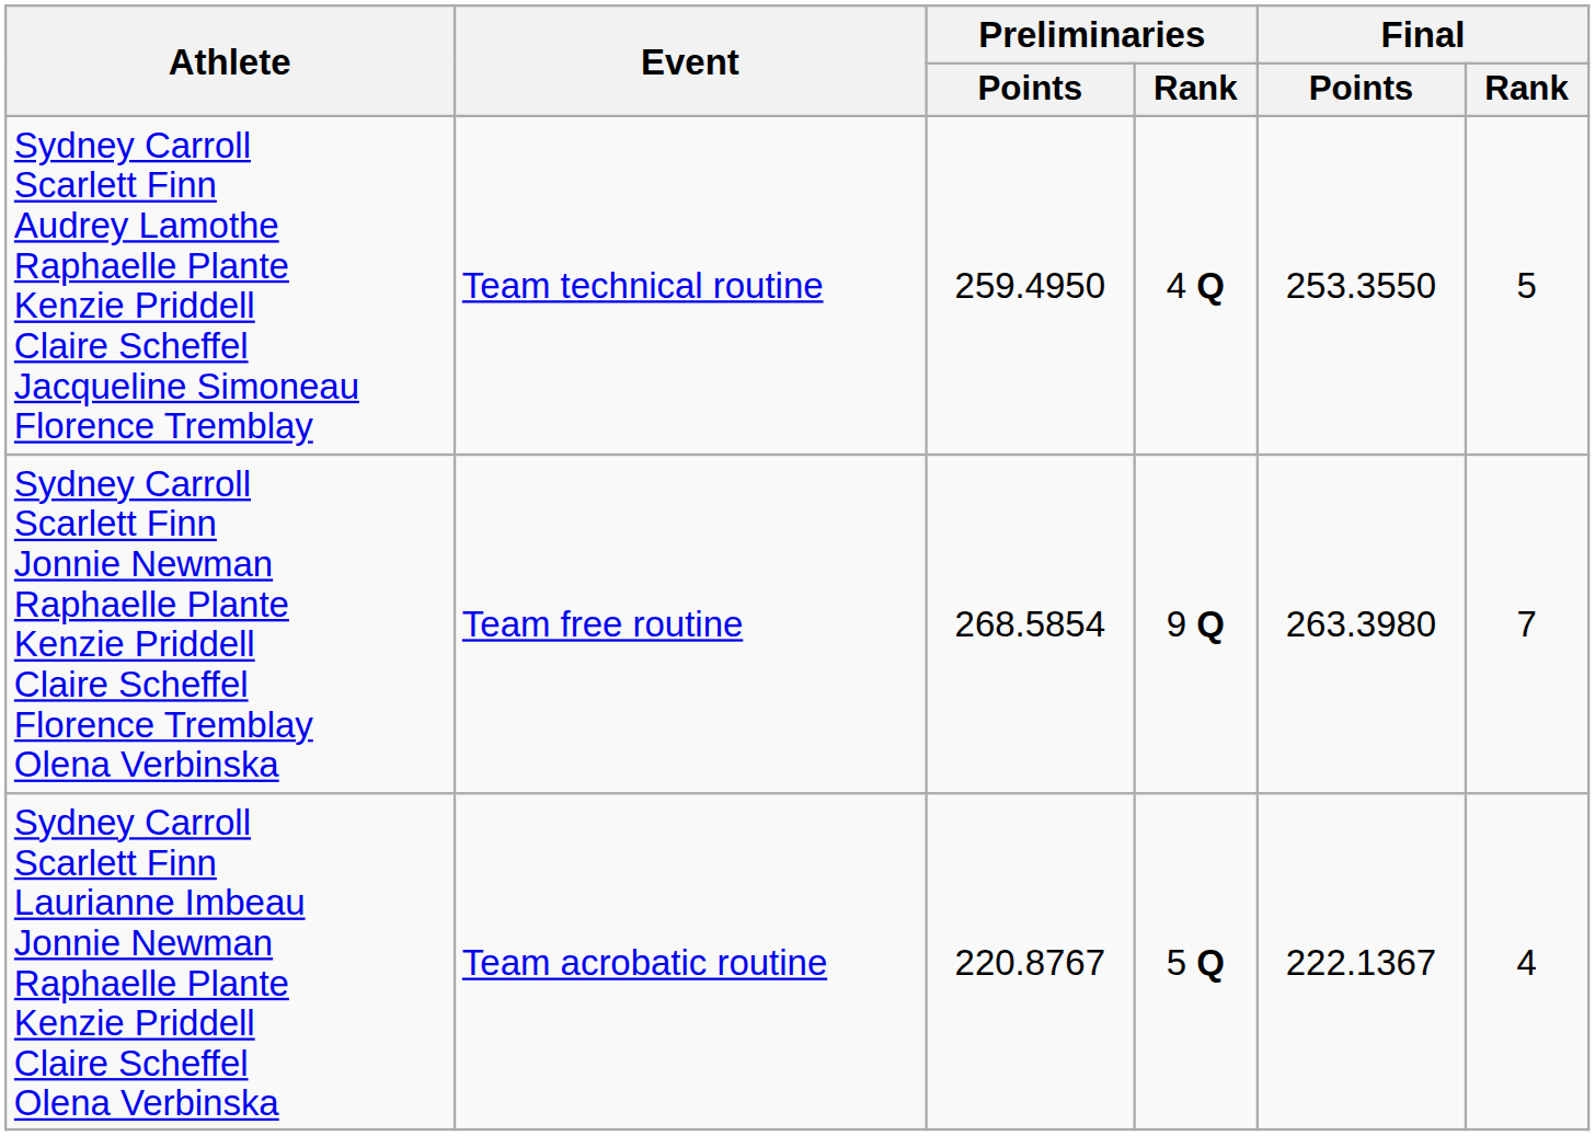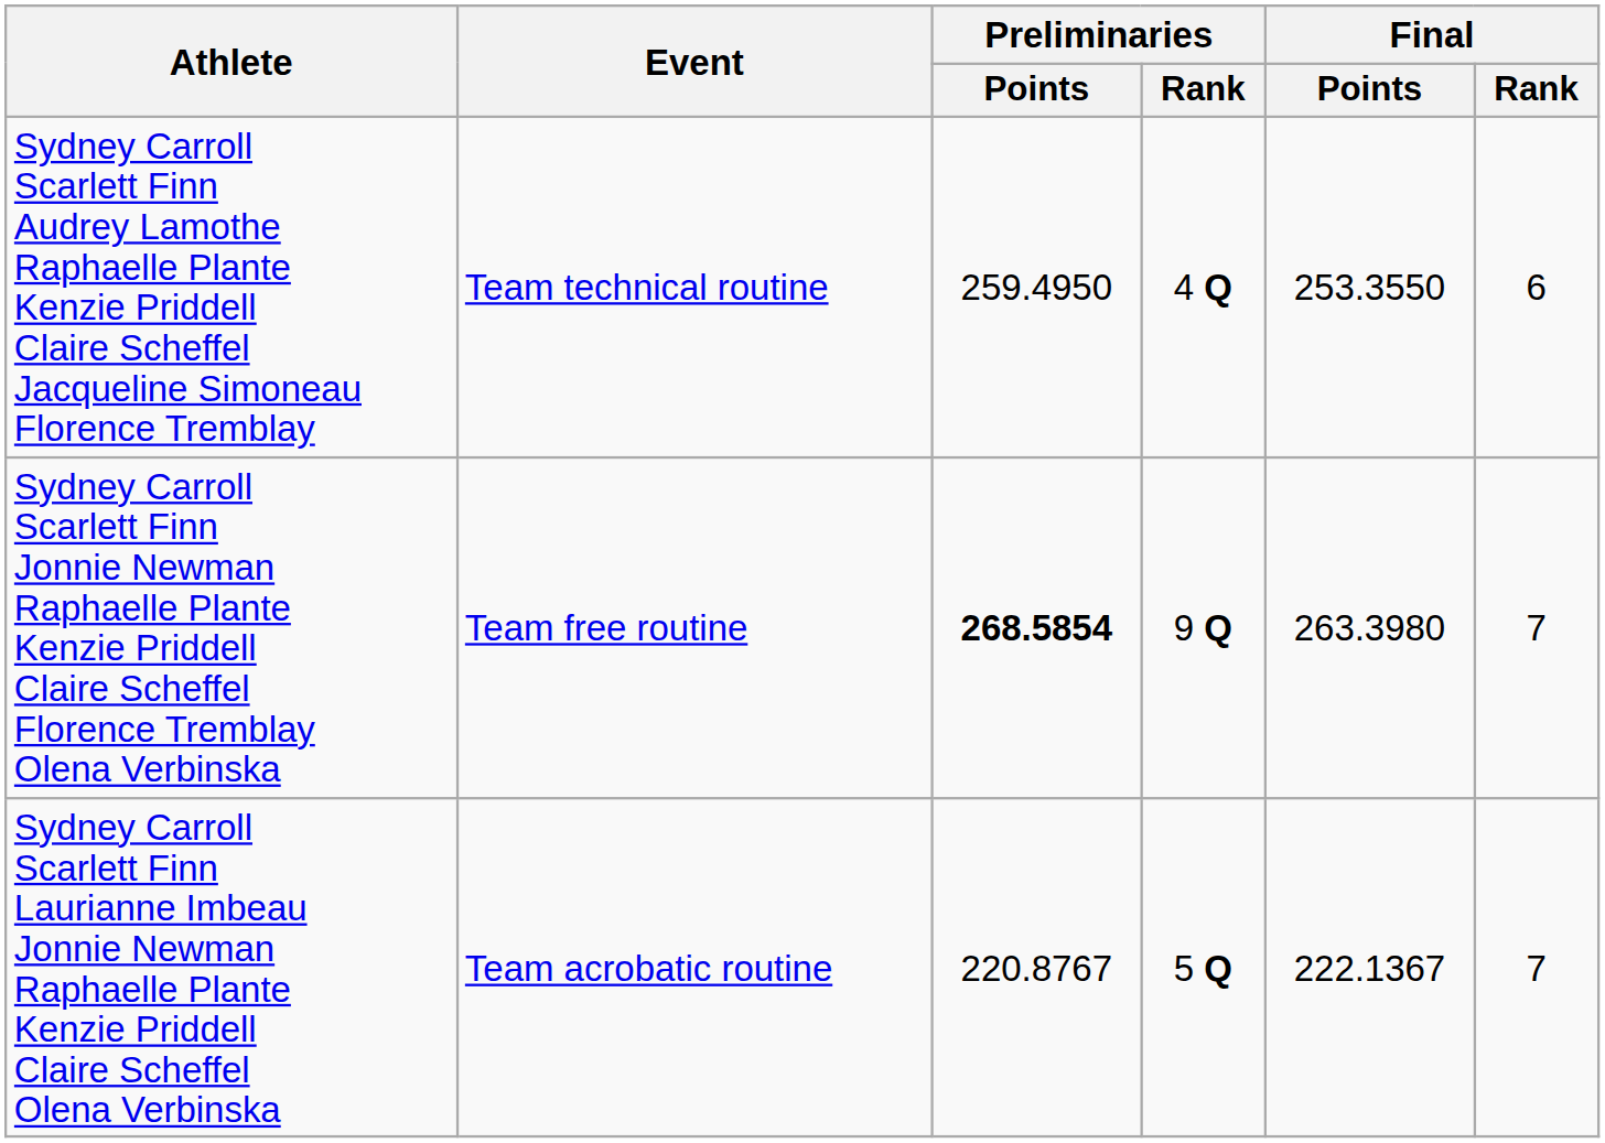 <table class="wikitable" style="text-align:center; font-size:90%; width:50%;">
 <tr>
 <th rowspan="2">Athlete</th>
 <th rowspan="2">Event</th>
 <th colspan="2">Preliminaries</th>
 <th colspan="2">Final</th>
 </tr>
 <tr style="font-size:95%">
 <th>Points</th>
 <th>Rank</th>
 <th>Points</th>
 <th>Rank</th>
 </tr>
 <tr>
 <td align=left><a href='#'>Sydney Carroll</a><br><a href='#'>Scarlett Finn</a><br><a href='#'>Audrey Lamothe</a><br><a href='#'>Raphaelle Plante</a><br><a href='#'>Kenzie Priddell</a><br><a href='#'>Claire Scheffel</a><br><a href='#'>Jacqueline Simoneau</a><br><a href='#'>Florence Tremblay</a></td>
 <td align=left><a href='#'>Team technical routine</a></td>
 <td>259.4950</td>
 <td>4 <strong>Q</strong></td>
 <td>253.3550</td>
-<td>5</td>
+<td>6</td>
 </tr>
 <tr>
 <td align=left><a href='#'>Sydney Carroll</a><br><a href='#'>Scarlett Finn</a><br><a href='#'>Jonnie Newman</a><br><a href='#'>Raphaelle Plante</a><br><a href='#'>Kenzie Priddell</a><br><a href='#'>Claire Scheffel</a><br><a href='#'>Florence Tremblay</a><br><a href='#'>Olena Verbinska</a></td>
 <td align=left><a href='#'>Team free routine</a></td>
-<td>268.5854</td>
+<td><strong>268.5854</strong></td>
 <td>9 <strong>Q</strong></td>
 <td>263.3980</td>
 <td>7</td>
 </tr>
 <tr>
 <td align=left><a href='#'>Sydney Carroll</a><br><a href='#'>Scarlett Finn</a><br><a href='#'>Laurianne Imbeau</a><br><a href='#'>Jonnie Newman</a><br><a href='#'>Raphaelle Plante</a><br><a href='#'>Kenzie Priddell</a><br><a href='#'>Claire Scheffel</a><br><a href='#'>Olena Verbinska</a></td>
 <td align=left><a href='#'>Team acrobatic routine</a></td>
 <td>220.8767</td>
 <td>5 <strong>Q</strong></td>
 <td>222.1367</td>
-<td>4</td>
+<td>7</td>
 </tr>
 </table>
